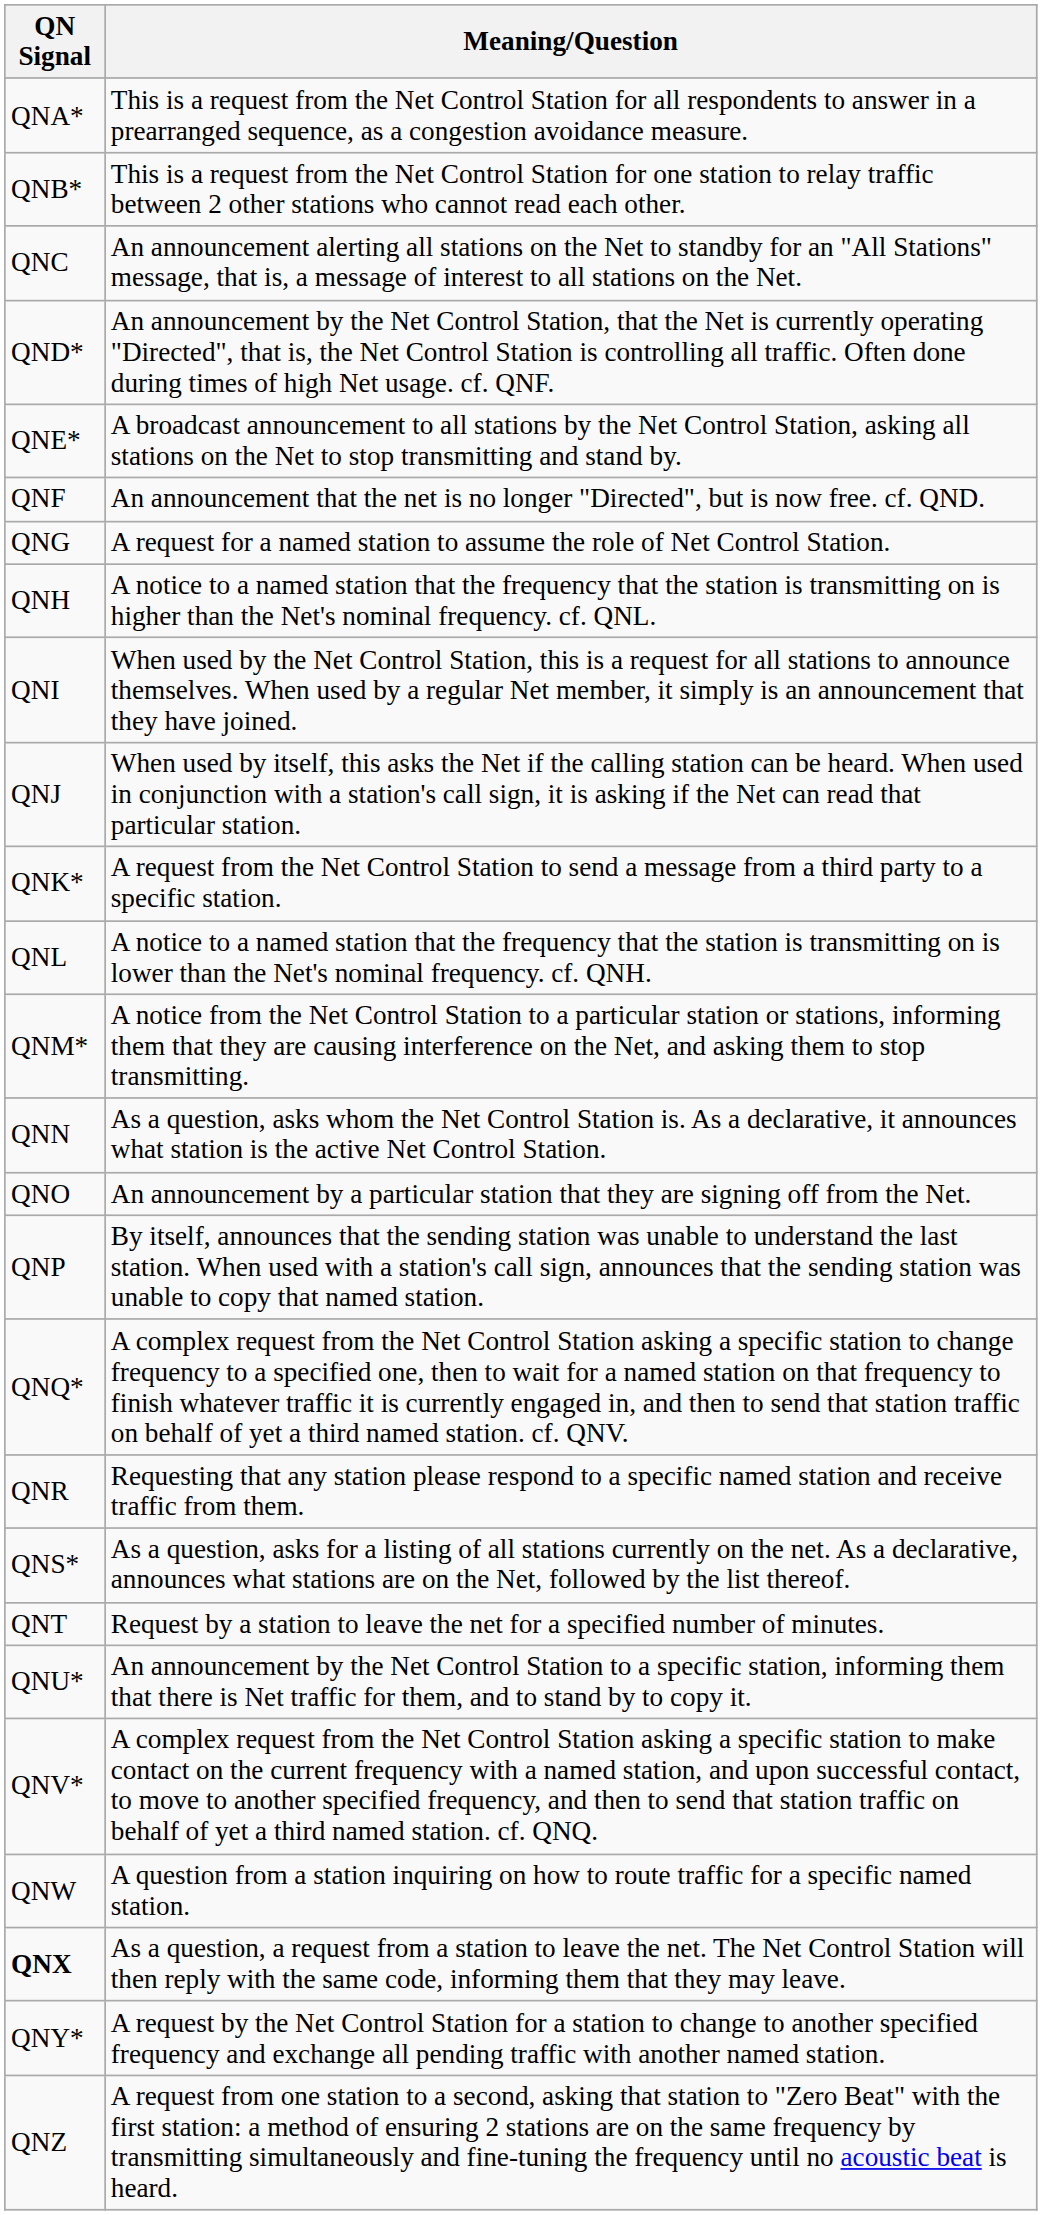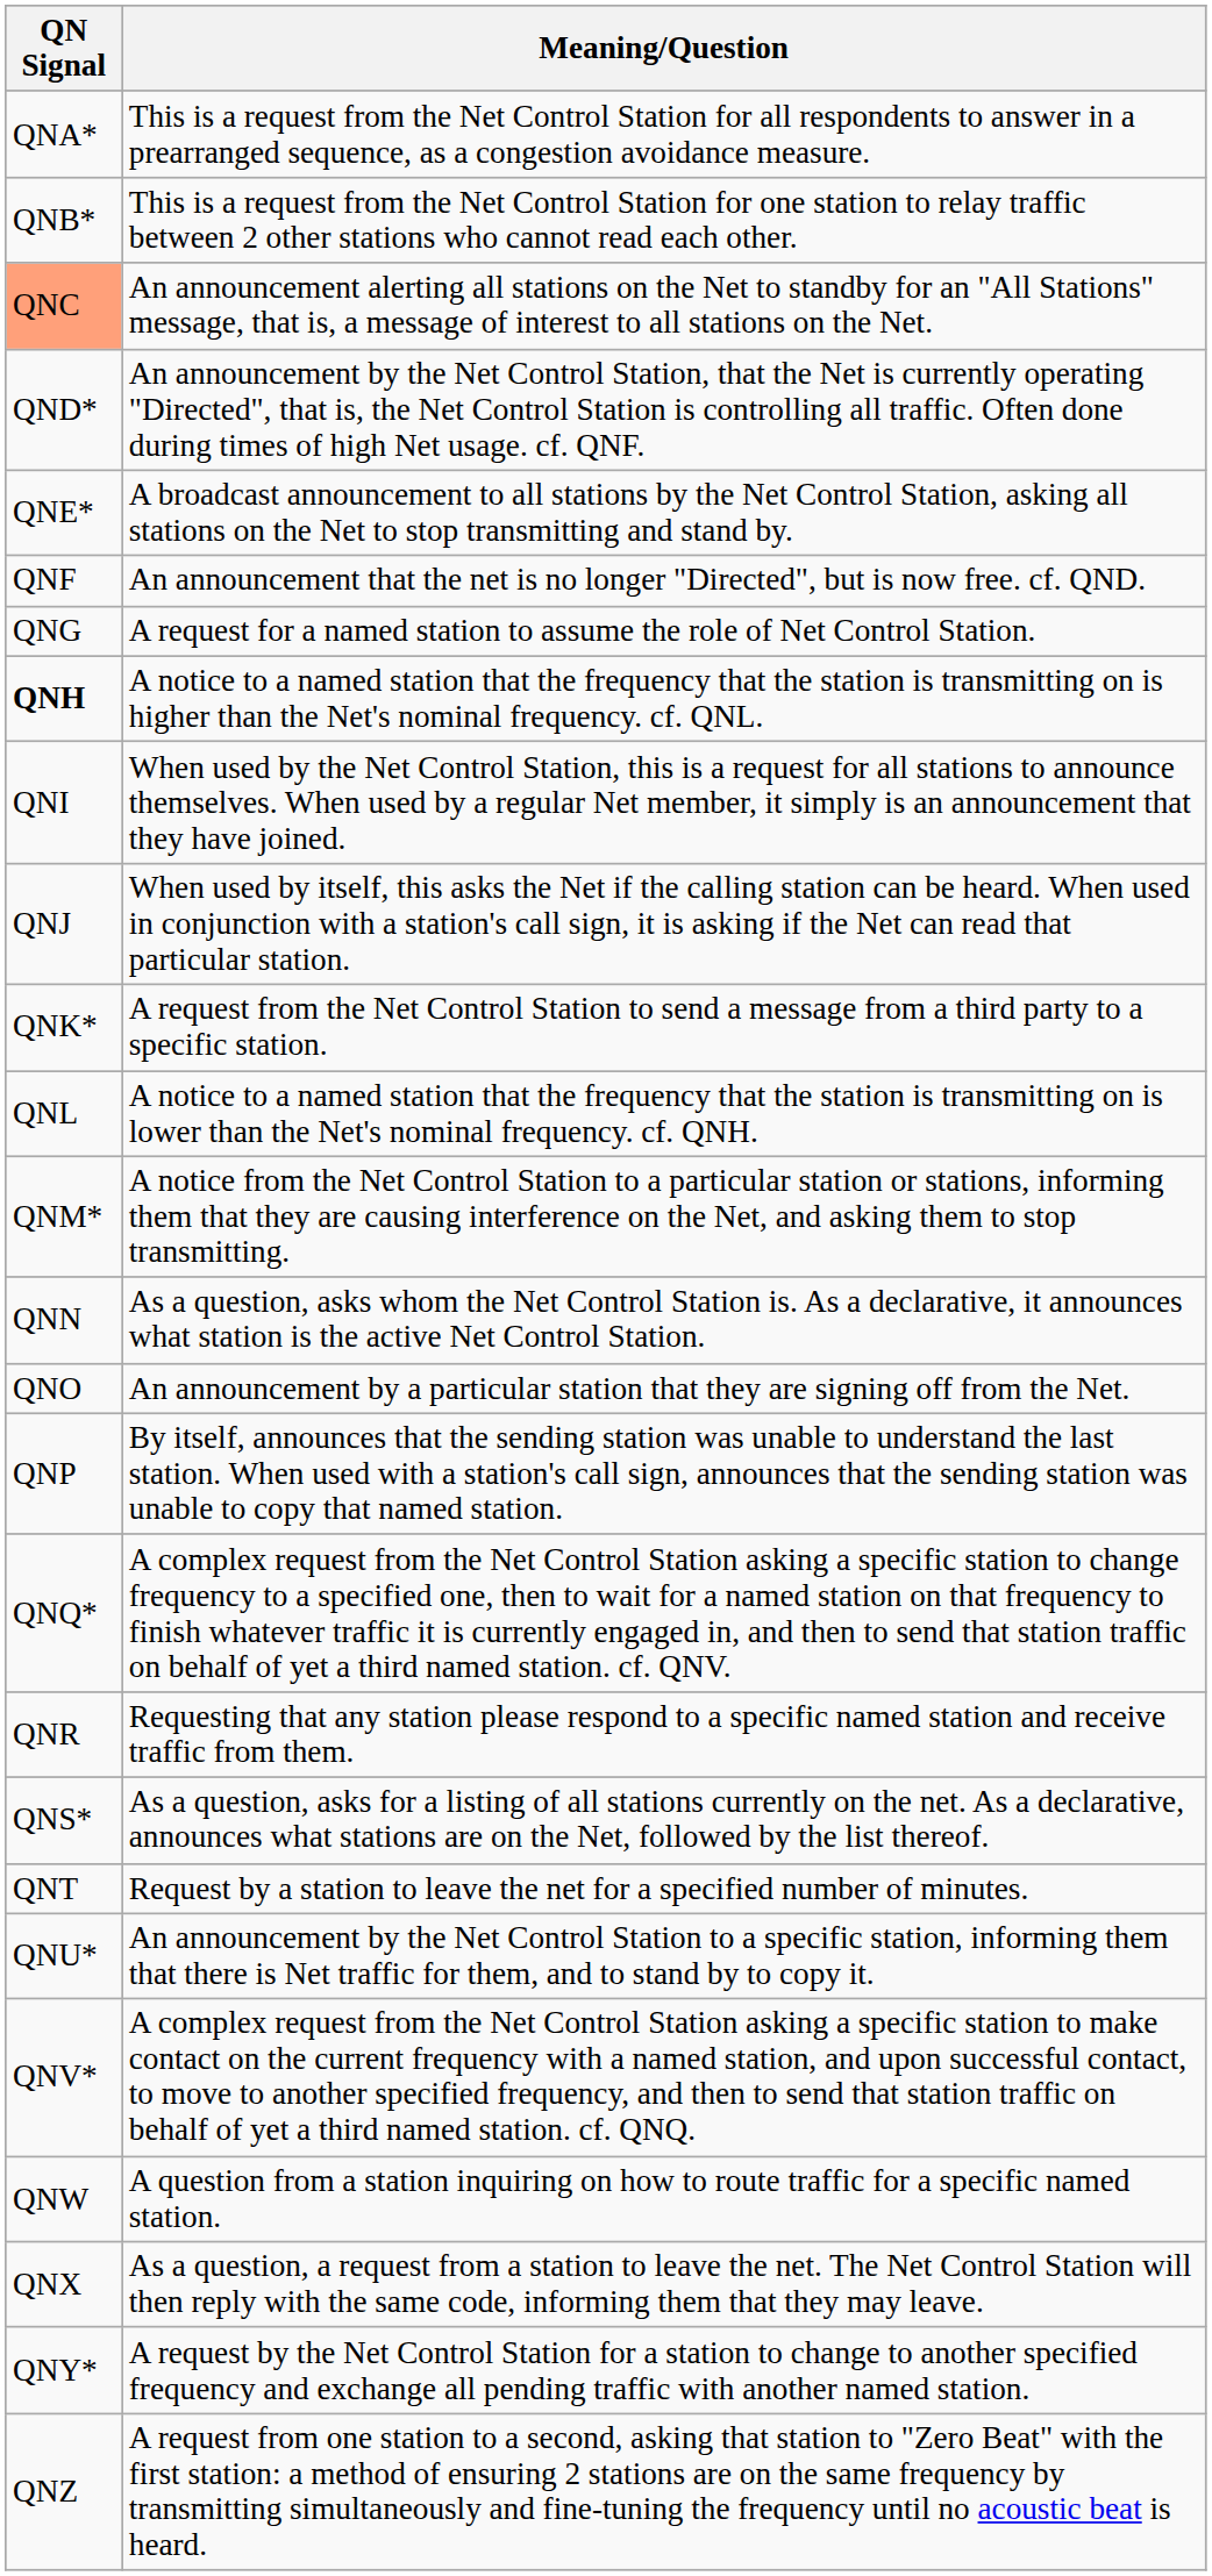 <table class="wikitable">
 <tr>
 <th>QN Signal</th>
 <th>Meaning/Question</th>
 </tr>
 <tr>
 <td>QNA*</td>
 <td>This is a request from the Net Control Station for all respondents to answer in a prearranged sequence, as a congestion avoidance measure.</td>
 </tr>
 <tr>
 <td>QNB*</td>
 <td>This is a request from the Net Control Station for one station to relay traffic between 2 other stations who cannot read each other.</td>
 </tr>
 <tr>
-<td>QNC</td>
+<td style="background: lightsalmon;">QNC</td>
 <td>An announcement alerting all stations on the Net to standby for an "All Stations" message, that is, a message of interest to all stations on the Net.</td>
 </tr>
 <tr>
 <td>QND*</td>
 <td>An announcement by the Net Control Station, that the Net is currently operating "Directed", that is, the Net Control Station is controlling all traffic. Often done during times of high Net usage. cf. QNF.</td>
 </tr>
 <tr>
 <td>QNE*</td>
 <td>A broadcast announcement to all stations by the Net Control Station, asking all stations on the Net to stop transmitting and stand by.</td>
 </tr>
 <tr>
 <td>QNF</td>
 <td>An announcement that the net is no longer "Directed", but is now free. cf. QND.</td>
 </tr>
 <tr>
 <td>QNG</td>
 <td>A request for a named station to assume the role of Net Control Station.</td>
 </tr>
 <tr>
-<td>QNH</td>
+<td><strong>QNH</strong></td>
 <td>A notice to a named station that the frequency that the station is transmitting on is higher than the Net's nominal frequency. cf. QNL.</td>
 </tr>
 <tr>
 <td>QNI</td>
 <td>When used by the Net Control Station, this is a request for all stations to announce themselves. When used by a regular Net member, it simply is an announcement that they have joined.</td>
 </tr>
 <tr>
 <td>QNJ</td>
 <td>When used by itself, this asks the Net if the calling station can be heard. When used in conjunction with a station's call sign, it is asking if the Net can read that particular station.</td>
 </tr>
 <tr>
 <td>QNK*</td>
 <td>A request from the Net Control Station to send a message from a third party to a specific station.</td>
 </tr>
 <tr>
 <td>QNL</td>
 <td>A notice to a named station that the frequency that the station is transmitting on is lower than the Net's nominal frequency. cf. QNH.</td>
 </tr>
 <tr>
 <td>QNM*</td>
 <td>A notice from the Net Control Station to a particular station or stations, informing them that they are causing interference on the Net, and asking them to stop transmitting.</td>
 </tr>
 <tr>
 <td>QNN</td>
 <td>As a question, asks whom the Net Control Station is. As a declarative, it announces what station is the active Net Control Station.</td>
 </tr>
 <tr>
 <td>QNO</td>
 <td>An announcement by a particular station that they are signing off from the Net.</td>
 </tr>
 <tr>
 <td>QNP</td>
 <td>By itself, announces that the sending station was unable to understand the last station. When used with a station's call sign, announces that the sending station was unable to copy that named station.</td>
 </tr>
 <tr>
 <td>QNQ*</td>
 <td>A complex request from the Net Control Station asking a specific station to change frequency to a specified one, then to wait for a named station on that frequency to finish whatever traffic it is currently engaged in, and then to send that station traffic on behalf of yet a third named station. cf. QNV.</td>
 </tr>
 <tr>
 <td>QNR</td>
 <td>Requesting that any station please respond to a specific named station and receive traffic from them.</td>
 </tr>
 <tr>
 <td>QNS*</td>
 <td>As a question, asks for a listing of all stations currently on the net. As a declarative, announces what stations are on the Net, followed by the list thereof.</td>
 </tr>
 <tr>
 <td>QNT</td>
 <td>Request by a station to leave the net for a specified number of minutes.</td>
 </tr>
 <tr>
 <td>QNU*</td>
 <td>An announcement by the Net Control Station to a specific station, informing them that there is Net traffic for them, and to stand by to copy it.</td>
 </tr>
 <tr>
 <td>QNV*</td>
 <td>A complex request from the Net Control Station asking a specific station to make contact on the current frequency with a named station, and upon successful contact, to move to another specified frequency, and then to send that station traffic on behalf of yet a third named station. cf. QNQ.</td>
 </tr>
 <tr>
 <td>QNW</td>
 <td>A question from a station inquiring on how to route traffic for a specific named station.</td>
 </tr>
 <tr>
-<td><strong>QNX</strong></td>
+<td>QNX</td>
 <td>As a question, a request from a station to leave the net. The Net Control Station will then reply with the same code, informing them that they may leave.</td>
 </tr>
 <tr>
 <td>QNY*</td>
 <td>A request by the Net Control Station for a station to change to another specified frequency and exchange all pending traffic with another named station.</td>
 </tr>
 <tr>
 <td>QNZ</td>
 <td>A request from one station to a second, asking that station to "Zero Beat" with the first station: a method of ensuring 2 stations are on the same frequency by transmitting simultaneously and fine-tuning the frequency until no <a href='#'>acoustic beat</a> is heard.</td>
 </tr>
 </table>
